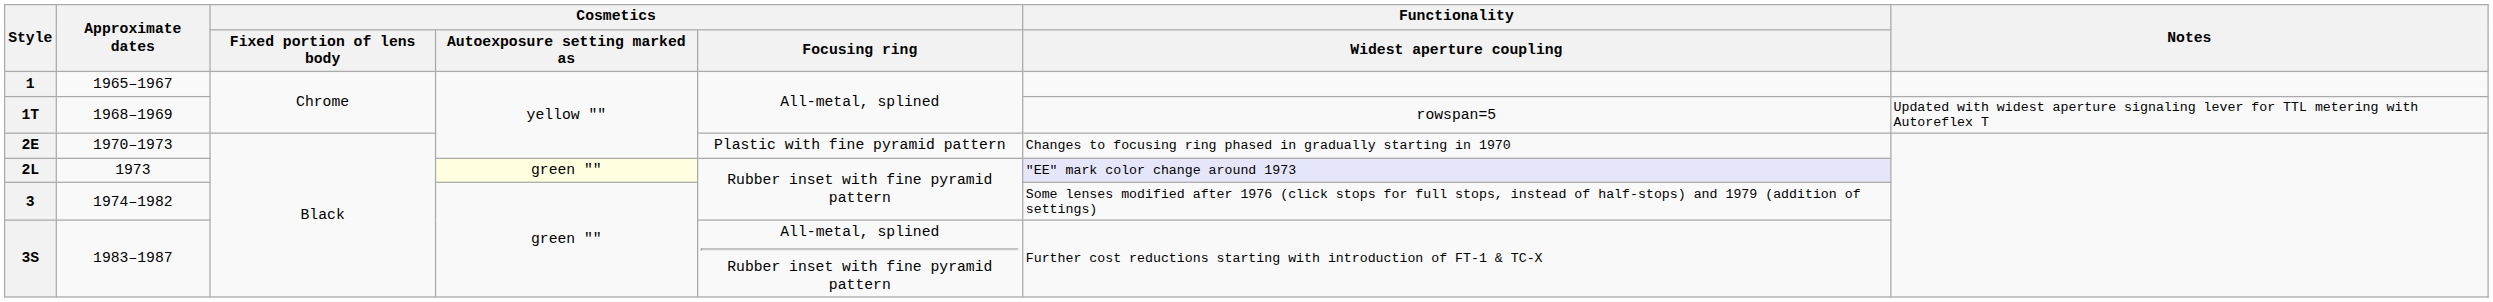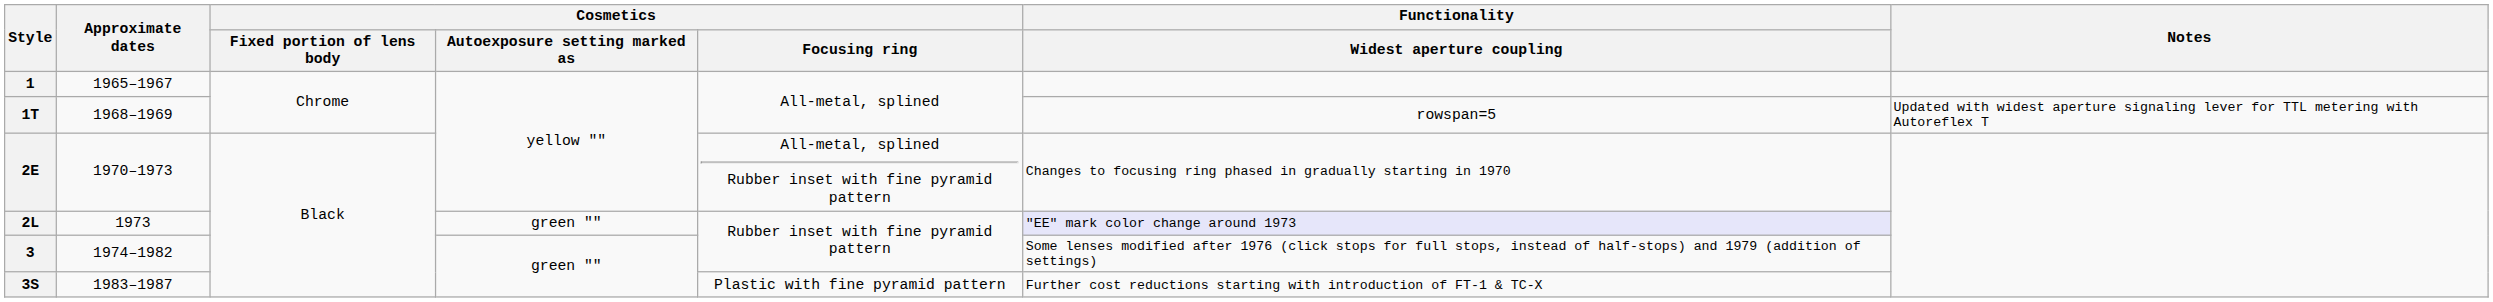 <table class="wikitable" style="font-size:90%;text-align:center;">
 <tr>
 <th rowspan=2>Style</th>
 <th rowspan=2>Approximate dates</th>
 <th colspan=3>Cosmetics</th>
 <th>Functionality</th>
 <th rowspan=2>Notes</th>
 </tr>
 <tr>
 <th>Fixed portion of lens body</th>
 <th>Autoexposure setting marked as</th>
 <th>Focusing ring</th>
 <th>Widest aperture coupling</th>
 </tr>
 <tr>
 <th>1</th>
 <td>1965–1967</td>
 <td rowspan=2>Chrome</td>
 <td rowspan=3>yellow ""</td>
 <td rowspan=2>All-metal, splined</td>
 <td></td>
 <td style="text-align:left;font-size:90%;"></td>
 </tr>
 <tr>
 <th>1T</th>
 <td>1968–1969</td>
 <td>rowspan=5 </td>
 <td style="text-align:left;font-size:90%;">Updated with widest aperture signaling lever for TTL metering with Autoreflex T</td>
 </tr>
 <tr>
 <th>2E</th>
 <td>1970–1973</td>
 <td rowspan=4>Black</td>
-<td>Plastic with fine pyramid pattern</td>
+<td>All-metal, splined<hr>Rubber inset with fine pyramid pattern</td>
 <td style="text-align:left;font-size:90%;">Changes to focusing ring phased in gradually starting in 1970</td>
 </tr>
 <tr>
 <th>2L</th>
 <td>1973</td>
-<td style="background: lightyellow;">green ""</td>
+<td>green ""</td>
 <td rowspan=2>Rubber inset with fine pyramid pattern</td>
 <td style="background: lavender; text-align:left;font-size:90%;">"EE" mark color change around 1973</td>
 </tr>
 <tr>
 <th>3</th>
 <td>1974–1982</td>
 <td rowspan=2>green ""</td>
 <td style="text-align:left;font-size:90%;">Some lenses modified after 1976 (click stops for full stops, instead of half-stops) and 1979 (addition of  settings)</td>
 </tr>
 <tr>
 <th>3S</th>
 <td>1983–1987</td>
-<td>All-metal, splined<hr>Rubber inset with fine pyramid pattern</td>
+<td>Plastic with fine pyramid pattern</td>
 <td style="text-align:left;font-size:90%;">Further cost reductions starting with introduction of FT-1 & TC-X</td>
 </tr>
 </table>
